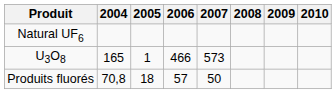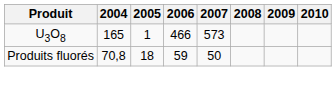 <table class="wikitable sortable" style="text-align:center">
 <tr>
 <th>Produit</th>
 <th>2004</th>
 <th>2005</th>
 <th>2006</th>
 <th>2007</th>
 <th>2008</th>
 <th>2009</th>
 <th>2010</th>
-</tr>
-<tr>
-<td>Natural UF<sub>6</sub></td>
-<td></td>
-<td></td>
-<td></td>
-<td></td>
-<td></td>
-<td></td>
-<td></td>
 </tr>
 <tr>
 <td>U<sub>3</sub>O<sub>8</sub></td>
 <td>165</td>
 <td>1</td>
 <td>466</td>
 <td>573</td>
 <td></td>
 <td></td>
 <td></td>
 </tr>
 <tr>
 <td>Produits fluorés</td>
 <td>70,8</td>
 <td>18</td>
-<td>57</td>
+<td>59</td>
 <td>50</td>
 <td></td>
 <td></td>
 <td></td>
 </tr>
 </table>
